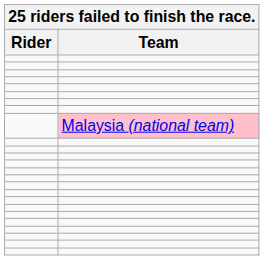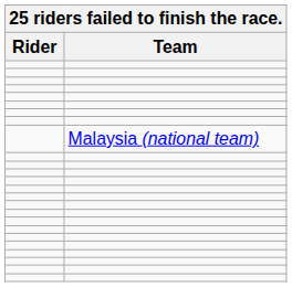 <table class="collapsible collapsed wikitable">
 <tr>
 <th colspan=4>25 riders failed to finish the race.</th>
 </tr>
 <tr>
 <th>Rider</th>
 <th>Team</th>
 </tr>
 <tr>
 <td></td>
 <td></td>
 </tr>
 <tr>
 <td></td>
 <td></td>
 </tr>
 <tr>
 <td></td>
 <td></td>
 </tr>
 <tr>
 <td></td>
 <td></td>
 </tr>
 <tr>
 <td></td>
 <td></td>
 </tr>
 <tr>
 <td></td>
 <td></td>
 </tr>
 <tr>
 <td></td>
 <td></td>
 </tr>
 <tr>
 <td></td>
 <td></td>
 </tr>
 <tr>
 <td></td>
-<td style="background: pink;"><a href='#'>Malaysia <em>(national team)</em></a></td>
+<td><a href='#'>Malaysia <em>(national team)</em></a></td>
 </tr>
 <tr>
 <td></td>
 <td></td>
 </tr>
 <tr>
 <td></td>
 <td></td>
 </tr>
 <tr>
 <td></td>
 <td></td>
 </tr>
 <tr>
 <td></td>
 <td></td>
 </tr>
 <tr>
 <td></td>
 <td></td>
 </tr>
 <tr>
 <td></td>
 <td></td>
 </tr>
 <tr>
 <td></td>
 <td></td>
 </tr>
 <tr>
 <td></td>
 <td></td>
 </tr>
 <tr>
 <td></td>
 <td></td>
 </tr>
 <tr>
 <td></td>
 <td></td>
 </tr>
 <tr>
 <td></td>
 <td></td>
 </tr>
 <tr>
 <td></td>
 <td></td>
 </tr>
 <tr>
 <td></td>
 <td></td>
 </tr>
 <tr>
 <td></td>
 <td></td>
 </tr>
 <tr>
 <td></td>
 <td></td>
 </tr>
 <tr>
 <td></td>
 <td></td>
 </tr>
 </table>
